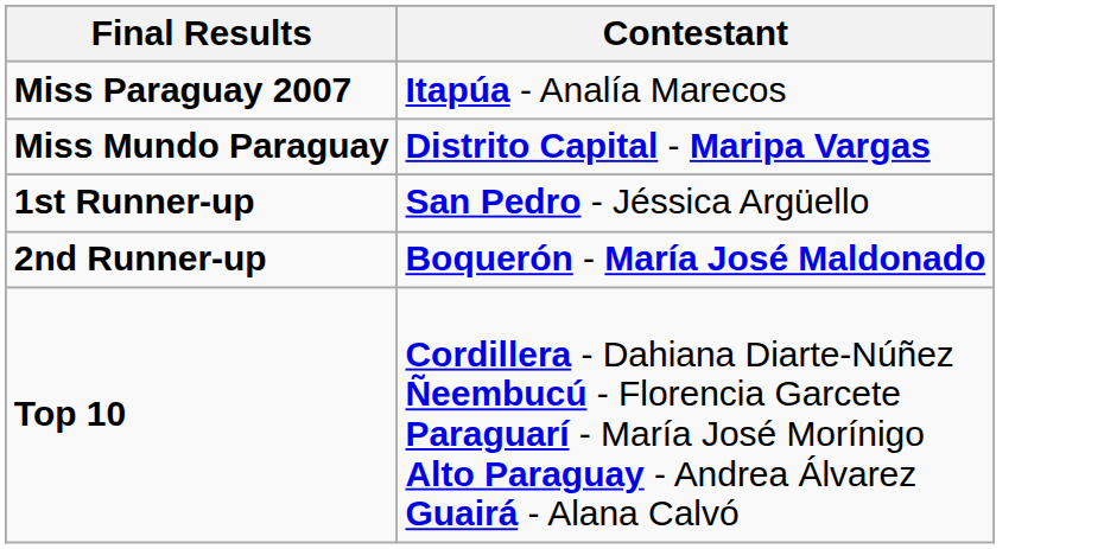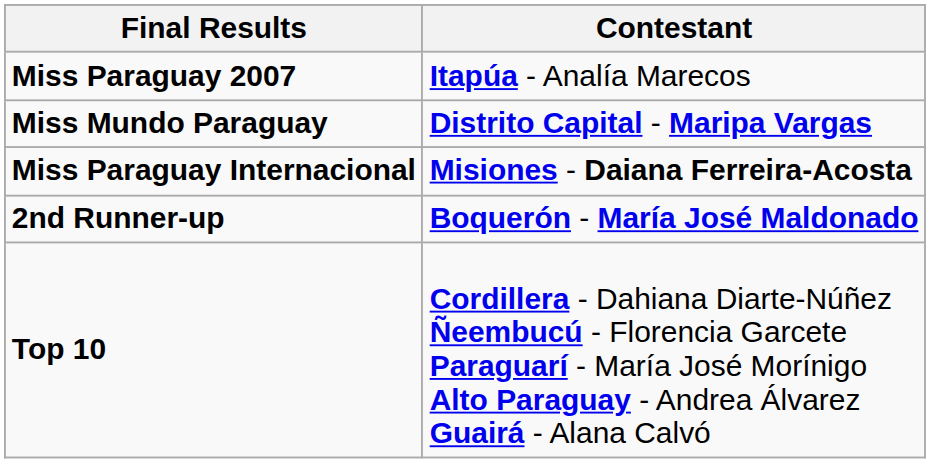 <table class="wikitable" border="1">
 <tr>
 <th>Final Results</th>
 <th>Contestant</th>
 </tr>
 <tr>
 <td><strong>Miss Paraguay 2007</strong></td>
 <td> <strong><a href='#'>Itapúa</a></strong> - Analía Marecos</td>
 </tr>
 <tr>
 <td><strong>Miss Mundo Paraguay</strong></td>
 <td> <strong><a href='#'>Distrito Capital</a></strong> - <strong><a href='#'>Maripa Vargas</a></strong></td>
 </tr>
 <tr>
-<td><strong>1st Runner-up</strong></td>
-<td> <strong><a href='#'>San Pedro</a></strong> - Jéssica Argüello</td>
+<td><strong>Miss Paraguay Internacional</strong></td>
+<td> <strong><a href='#'>Misiones</a></strong> - <strong>Daiana Ferreira-Acosta</strong></td>
 </tr>
 <tr>
 <td><strong>2nd Runner-up</strong></td>
 <td> <strong><a href='#'>Boquerón</a></strong> - <strong><a href='#'>María José Maldonado</a></strong></td>
 </tr>
 <tr>
 <td><strong>Top 10</strong></td>
 <td><br> <strong><a href='#'>Cordillera</a></strong>  - Dahiana Diarte-Núñez<br>  <strong><a href='#'>Ñeembucú</a></strong>  - Florencia Garcete<br>  <strong><a href='#'>Paraguarí</a></strong>  - María José Morínigo<br>  <strong><a href='#'>Alto Paraguay</a></strong>  - Andrea Álvarez<br>  <strong><a href='#'>Guairá</a></strong>  - Alana Calvó<br></td>
 </tr>
 </table>
